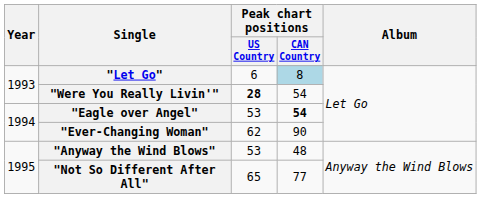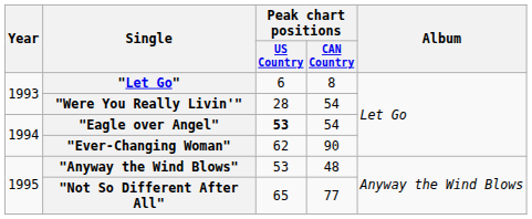 <table class="wikitable plainrowheaders" style="text-align:center;">
 <tr>
 <th rowspan="2">Year</th>
 <th rowspan="2" style="width:16em;">Single</th>
 <th colspan="2">Peak chart<br>positions</th>
 <th rowspan="2">Album</th>
 </tr>
 <tr style="font-size:smaller;">
 <th width="45"><a href='#'>US Country</a></th>
 <th width="45"><a href='#'>CAN Country</a></th>
 </tr>
 <tr>
 <td rowspan="2">1993</td>
 <th scope="row">"<a href='#'>Let Go</a>"</th>
 <td>6</td>
-<td style="background: lightblue;">8</td>
+<td>8</td>
 <td align="left" rowspan="4"><em>Let Go</em></td>
 </tr>
 <tr>
 <th scope="row">"Were You Really Livin'"</th>
-<td><strong>28</strong></td>
+<td>28</td>
 <td>54</td>
 </tr>
 <tr>
 <td rowspan="2">1994</td>
 <th scope="row">"Eagle over Angel"</th>
-<td>53</td>
-<td><strong>54</strong></td>
+<td><strong>53</strong></td>
+<td>54</td>
 </tr>
 <tr>
 <th scope="row">"Ever-Changing Woman"</th>
 <td>62</td>
 <td>90</td>
 </tr>
 <tr>
 <td rowspan="2">1995</td>
 <th scope="row">"Anyway the Wind Blows"</th>
 <td>53</td>
 <td>48</td>
 <td align="left" rowspan="2"><em>Anyway the Wind Blows</em></td>
 </tr>
 <tr>
 <th scope="row">"Not So Different After All"</th>
 <td>65</td>
 <td>77</td>
 </tr>
 </table>
